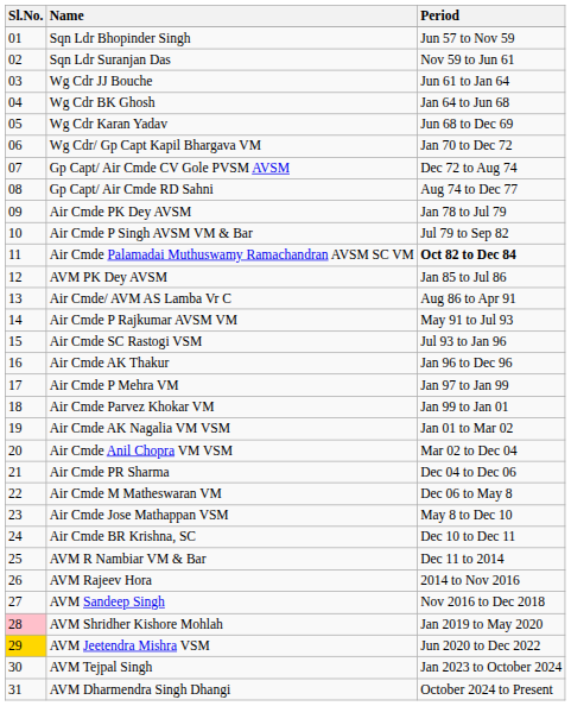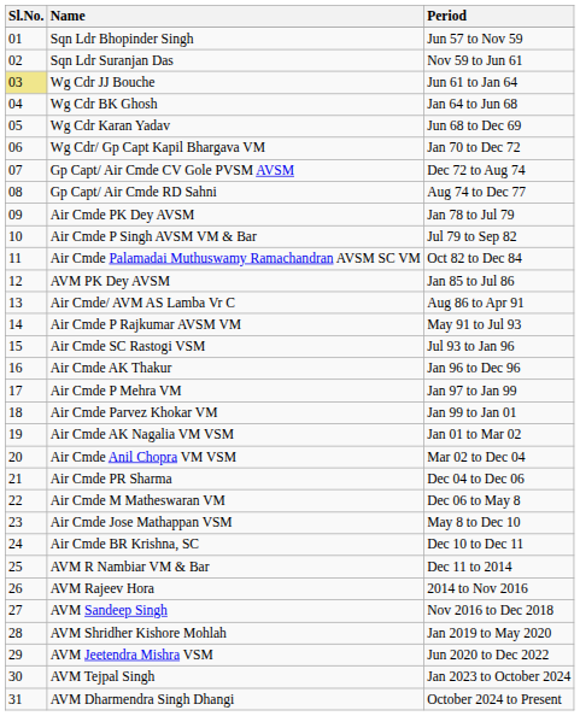 <table class="wikitable sortable">
 <tr>
 <th style="text-align:left;">Sl.No.</th>
 <th style="text-align:left;">Name</th>
 <th style="text-align:left;">Period</th>
 </tr>
 <tr class="sortbottom" "font-weight:bold;">
 </tr>
 <tr>
 <td>01</td>
 <td>Sqn Ldr Bhopinder Singh</td>
 <td>Jun 57 to Nov 59</td>
 </tr>
 <tr>
 <td>02</td>
 <td>Sqn Ldr Suranjan Das</td>
 <td>Nov 59 to Jun 61</td>
 </tr>
 <tr>
-<td>03</td>
+<td style="background: khaki;">03</td>
 <td>Wg Cdr JJ Bouche</td>
 <td>Jun 61 to Jan 64</td>
 </tr>
 <tr>
 <td>04</td>
 <td>Wg Cdr BK Ghosh</td>
 <td>Jan 64 to Jun 68</td>
 </tr>
 <tr>
 <td>05</td>
 <td>Wg Cdr Karan Yadav</td>
 <td>Jun 68 to Dec 69</td>
 </tr>
 <tr>
 <td>06</td>
 <td>Wg Cdr/ Gp Capt Kapil Bhargava VM</td>
 <td>Jan 70 to Dec 72</td>
 </tr>
 <tr>
 <td>07</td>
 <td>Gp Capt/ Air Cmde CV Gole PVSM <a href='#'>AVSM</a></td>
 <td>Dec 72 to Aug 74</td>
 </tr>
 <tr>
 <td>08</td>
 <td>Gp Capt/ Air Cmde RD Sahni</td>
 <td>Aug 74 to Dec 77</td>
 </tr>
 <tr>
 <td>09</td>
 <td>Air Cmde PK Dey AVSM</td>
 <td>Jan 78 to Jul 79</td>
 </tr>
 <tr>
 <td>10</td>
 <td>Air Cmde P Singh AVSM VM & Bar</td>
 <td>Jul 79 to Sep 82</td>
 </tr>
 <tr>
 <td>11</td>
 <td>Air Cmde <a href='#'>Palamadai Muthuswamy Ramachandran</a> AVSM SC VM</td>
-<td><strong>Oct 82 to Dec 84</strong></td>
+<td>Oct 82 to Dec 84</td>
 </tr>
 <tr>
 <td>12</td>
 <td>AVM PK Dey AVSM</td>
 <td>Jan 85 to Jul 86</td>
 </tr>
 <tr>
 <td>13</td>
 <td>Air Cmde/ AVM AS Lamba Vr C</td>
 <td>Aug 86 to Apr 91</td>
 </tr>
 <tr>
 <td>14</td>
 <td>Air Cmde P Rajkumar AVSM VM</td>
 <td>May 91 to Jul 93</td>
 </tr>
 <tr>
 <td>15</td>
 <td>Air Cmde SC Rastogi VSM</td>
 <td>Jul 93 to Jan 96</td>
 </tr>
 <tr>
 <td>16</td>
 <td>Air Cmde AK Thakur</td>
 <td>Jan 96 to Dec 96</td>
 </tr>
 <tr>
 <td>17</td>
 <td>Air Cmde P Mehra VM</td>
 <td>Jan 97 to Jan 99</td>
 </tr>
 <tr>
 <td>18</td>
 <td>Air Cmde Parvez Khokar VM</td>
 <td>Jan 99 to Jan 01</td>
 </tr>
 <tr>
 <td>19</td>
 <td>Air Cmde AK Nagalia VM VSM</td>
 <td>Jan 01 to Mar 02</td>
 </tr>
 <tr>
 <td>20</td>
 <td>Air Cmde <a href='#'>Anil Chopra</a> VM VSM</td>
 <td>Mar 02 to Dec 04</td>
 </tr>
 <tr>
 <td>21</td>
 <td>Air Cmde PR Sharma</td>
 <td>Dec 04 to Dec 06</td>
 </tr>
 <tr>
 <td>22</td>
 <td>Air Cmde M Matheswaran VM</td>
 <td>Dec 06 to May 8</td>
 </tr>
 <tr>
 <td>23</td>
 <td>Air Cmde Jose Mathappan VSM</td>
 <td>May 8 to Dec 10</td>
 </tr>
 <tr>
 <td>24</td>
 <td>Air Cmde BR Krishna, SC</td>
 <td>Dec 10 to Dec 11</td>
 </tr>
 <tr>
 <td>25</td>
 <td>AVM R Nambiar VM & Bar</td>
 <td>Dec 11 to 2014</td>
 </tr>
 <tr>
 <td>26</td>
 <td>AVM Rajeev Hora</td>
 <td>2014 to Nov 2016</td>
 </tr>
 <tr>
 <td>27</td>
 <td>AVM <a href='#'>Sandeep Singh</a></td>
 <td>Nov 2016 to Dec 2018</td>
 </tr>
 <tr>
-<td style="background: pink;">28</td>
+<td>28</td>
 <td>AVM Shridher Kishore Mohlah</td>
 <td>Jan 2019 to May 2020</td>
 </tr>
 <tr>
-<td style="background: gold;">29</td>
+<td>29</td>
 <td>AVM <a href='#'>Jeetendra Mishra</a> VSM</td>
 <td>Jun 2020 to Dec 2022</td>
 </tr>
 <tr>
 <td>30</td>
 <td>AVM Tejpal Singh</td>
 <td>Jan 2023 to October 2024</td>
 </tr>
 <tr>
 <td>31</td>
 <td>AVM Dharmendra Singh Dhangi</td>
 <td>October 2024 to Present</td>
 </tr>
 </table>
